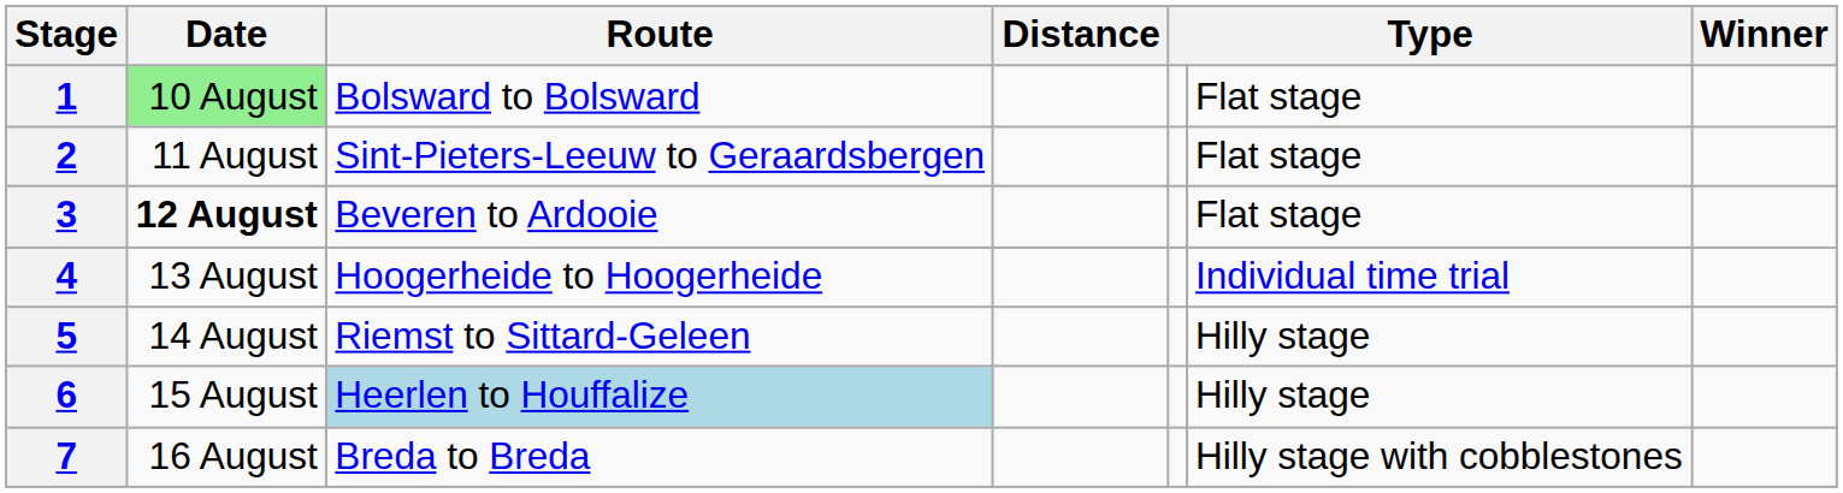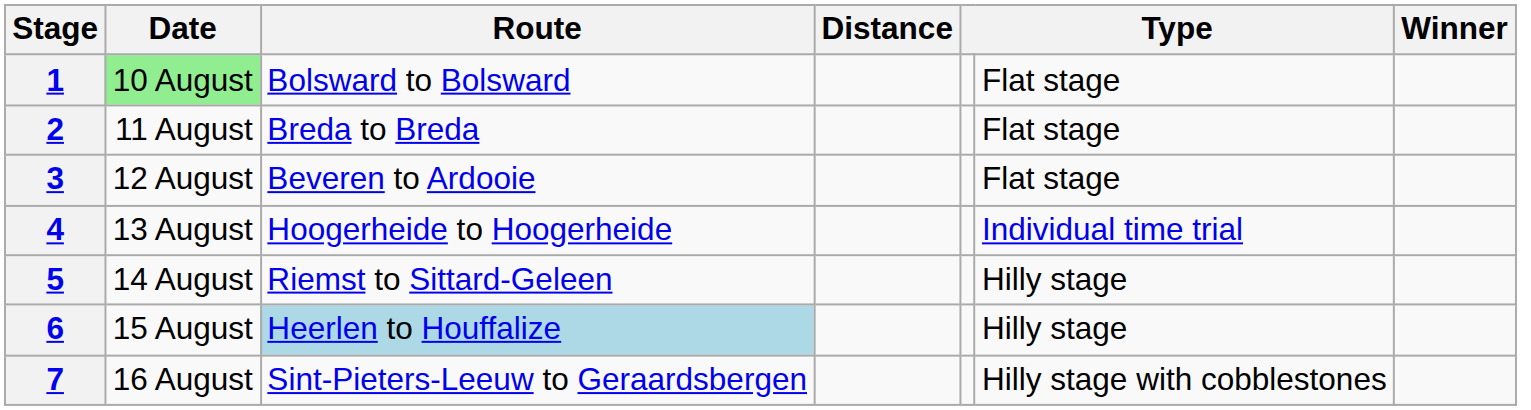 <table class="wikitable">
 <tr>
 <th scope="col">Stage</th>
 <th scope="col">Date</th>
 <th scope="col">Route</th>
 <th scope="col">Distance</th>
 <th scope="col" colspan="2">Type</th>
 <th scope="col">Winner</th>
 </tr>
 <tr>
 <th scope="row"><a href='#'>1</a></th>
 <td align=right style="background: lightgreen;">10 August</td>
 <td><a href='#'>Bolsward</a>  to <a href='#'>Bolsward</a> </td>
 <td style="text-align:center;"></td>
 <td style="text-align:center;"></td>
 <td>Flat stage</td>
 <td></td>
 </tr>
 <tr>
 <th scope="row"><a href='#'>2</a></th>
 <td align=right>11 August</td>
-<td><a href='#'>Sint-Pieters-Leeuw</a>  to <a href='#'>Geraardsbergen</a> </td>
+<td><a href='#'>Breda</a>  to <a href='#'>Breda</a> </td>
 <td style="text-align:center;"></td>
 <td style="text-align:center;"></td>
 <td>Flat stage</td>
 <td></td>
 </tr>
 <tr>
 <th scope="row"><a href='#'>3</a></th>
-<td align=right><strong>12 August</strong></td>
+<td align=right>12 August</td>
 <td><a href='#'>Beveren</a>  to <a href='#'>Ardooie</a> </td>
 <td style="text-align:center;"></td>
 <td style="text-align:center;"></td>
 <td>Flat stage</td>
 <td></td>
 </tr>
 <tr>
 <th scope="row"><a href='#'>4</a></th>
 <td align=right>13 August</td>
 <td><a href='#'>Hoogerheide</a>  to <a href='#'>Hoogerheide</a> </td>
 <td style="text-align:center;"></td>
 <td style="text-align:center;"></td>
 <td><a href='#'>Individual time trial</a></td>
 <td></td>
 </tr>
 <tr>
 <th scope="row"><a href='#'>5</a></th>
 <td align=right>14 August</td>
 <td><a href='#'>Riemst</a>  to <a href='#'>Sittard-Geleen</a> </td>
 <td style="text-align:center;"></td>
 <td style="text-align:center;"></td>
 <td>Hilly stage</td>
 <td></td>
 </tr>
 <tr>
 <th scope="row"><a href='#'>6</a></th>
 <td align=right>15 August</td>
 <td style="background: lightblue;"><a href='#'>Heerlen</a>  to <a href='#'>Houffalize</a> </td>
 <td style="text-align:center;"></td>
 <td style="text-align:center;"></td>
 <td>Hilly stage</td>
 <td></td>
 </tr>
 <tr>
 <th scope="row"><a href='#'>7</a></th>
 <td align=right>16 August</td>
-<td><a href='#'>Breda</a>  to <a href='#'>Breda</a> </td>
+<td><a href='#'>Sint-Pieters-Leeuw</a>  to <a href='#'>Geraardsbergen</a> </td>
 <td style="text-align:center;"></td>
 <td style="text-align:center;"></td>
 <td>Hilly stage with cobblestones</td>
 <td></td>
 </tr>
 </table>
